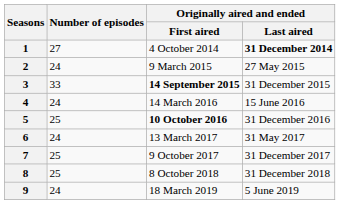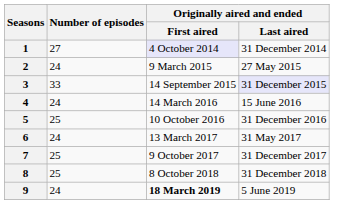 <table class="wikitable">
 <tr>
 <th rowspan="2">Seasons</th>
 <th colspan="2" rowspan="2">Number of episodes</th>
 <th colspan="2">Originally aired and ended</th>
 </tr>
 <tr>
 <th>First aired</th>
 <th>Last aired</th>
 </tr>
 <tr>
 <th colspan="1">1</th>
 <td colspan="2">27</td>
-<td colspan="1">4 October 2014</td>
-<td><strong>31 December 2014</strong></td>
+<td colspan="1" style="background: lavender;">4 October 2014</td>
+<td>31 December 2014</td>
 </tr>
 <tr>
 <th colspan="1">2</th>
 <td colspan="2">24</td>
 <td colspan="1">9 March 2015</td>
 <td>27 May 2015</td>
 </tr>
 <tr>
 <th colspan="1">3</th>
 <td colspan="2">33</td>
-<td colspan="1"><strong>14 September 2015</strong></td>
-<td>31 December 2015</td>
+<td colspan="1">14 September 2015</td>
+<td style="background: lavender;">31 December 2015</td>
 </tr>
 <tr>
 <th colspan="1">4</th>
 <td colspan="2">24</td>
 <td colspan="1">14 March 2016</td>
 <td>15 June 2016</td>
 </tr>
 <tr>
 <th colspan="1">5</th>
 <td colspan="2">25</td>
-<td colspan="1"><strong>10 October 2016</strong></td>
+<td colspan="1">10 October 2016</td>
 <td>31 December 2016</td>
 </tr>
 <tr>
 <th colspan="1">6</th>
 <td colspan="2">24</td>
 <td colspan="1">13 March 2017</td>
 <td>31 May 2017</td>
 </tr>
 <tr>
 <th colspan="1">7</th>
 <td colspan="2">25</td>
 <td colspan="1">9 October 2017</td>
 <td>31 December 2017</td>
 </tr>
 <tr>
 <th colspan="1">8</th>
 <td colspan="2">25</td>
 <td colspan="1">8 October 2018</td>
 <td>31 December 2018</td>
 </tr>
 <tr>
 <th colspan="1">9</th>
 <td colspan="2">24</td>
-<td colspan="1">18 March 2019</td>
+<td colspan="1"><strong>18 March 2019</strong></td>
 <td>5 June 2019</td>
 </tr>
 </table>
